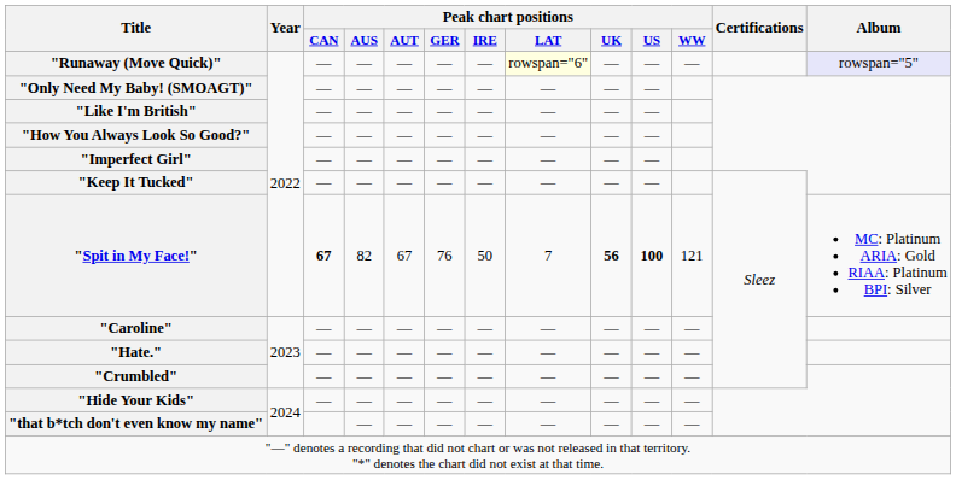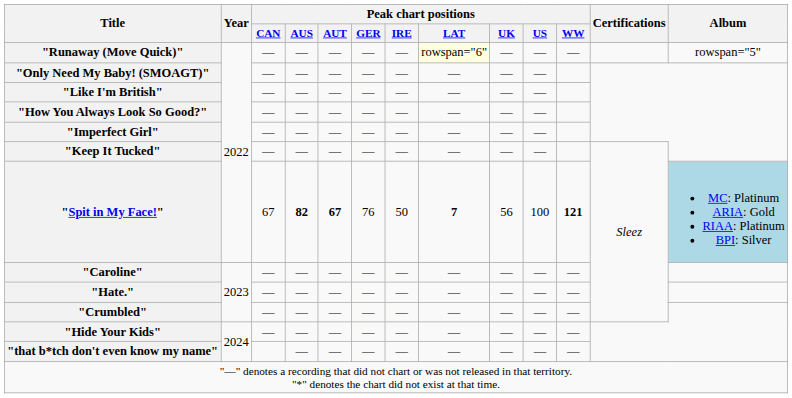 <table class="wikitable plainrowheaders" style="text-align:center">
 <tr>
 <th scope="col" rowspan="2">Title</th>
 <th scope="col" rowspan="2">Year</th>
 <th colspan="9">Peak chart positions</th>
 <th scope="col" rowspan="2">Certifications</th>
 <th scope="col" rowspan="2">Album</th>
 </tr>
 <tr>
 <th scope="col" style="width:2.5em;font-size:90%"><a href='#'>CAN</a><br></th>
 <th scope="col" style="width:2.5em;font-size:90%"><a href='#'>AUS</a><br></th>
 <th scope="col" style="width:2.5em;font-size:90%"><a href='#'>AUT</a><br></th>
 <th scope="col" style="width:2.5em;font-size:90%"><a href='#'>GER</a><br></th>
 <th scope="col" style="width:2.5em;font-size:90%"><a href='#'>IRE</a><br></th>
 <th scope="col" style="width:2.5em;font-size:90%"><a href='#'>LAT</a><br></th>
 <th scope="col" style="width:2.5em;font-size:90%"><a href='#'>UK</a><br></th>
 <th scope="col" style="width:2.5em;font-size:90%"><a href='#'>US</a><br></th>
 <th scope="col" style="width:2.5em;font-size:90%"><a href='#'>WW</a><br></th>
 </tr>
 <tr>
 <th scope="row">"Runaway (Move Quick)"</th>
 <td rowspan="7">2022</td>
 <td>—</td>
 <td>—</td>
 <td>—</td>
 <td>—</td>
 <td>—</td>
 <td style="background: lightyellow;">rowspan="6" </td>
 <td>—</td>
 <td>—</td>
 <td>—</td>
 <td></td>
-<td style="background: lavender;">rowspan="5" </td>
+<td>rowspan="5" </td>
 </tr>
 <tr>
 <th scope="row">"Only Need My Baby! (SMOAGT)"</th>
 <td>—</td>
 <td>—</td>
 <td>—</td>
 <td>—</td>
 <td>—</td>
 <td>—</td>
 <td>—</td>
 <td>—</td>
 <td></td>
 </tr>
 <tr>
 <th scope="row">"Like I'm British"<br></th>
 <td>—</td>
 <td>—</td>
 <td>—</td>
 <td>—</td>
 <td>—</td>
 <td>—</td>
 <td>—</td>
 <td>—</td>
 <td></td>
 </tr>
 <tr>
 <th scope="row">"How You Always Look So Good?"</th>
 <td>—</td>
 <td>—</td>
 <td>—</td>
 <td>—</td>
 <td>—</td>
 <td>—</td>
 <td>—</td>
 <td>—</td>
 <td></td>
 </tr>
 <tr>
 <th scope="row">"Imperfect Girl"<br></th>
 <td>—</td>
 <td>—</td>
 <td>—</td>
 <td>—</td>
 <td>—</td>
 <td>—</td>
 <td>—</td>
 <td>—</td>
 <td></td>
 </tr>
 <tr>
 <th scope="row">"Keep It Tucked"</th>
 <td>—</td>
 <td>—</td>
 <td>—</td>
 <td>—</td>
 <td>—</td>
 <td>—</td>
 <td>—</td>
 <td>—</td>
 <td></td>
 <td rowspan="5"><em>Sleez</em></td>
 </tr>
 <tr>
 <th scope="row">"<a href='#'>Spit in My Face!</a>"</th>
+<td>67</td>
+<td><strong>82</strong></td>
 <td><strong>67</strong></td>
-<td>82</td>
-<td>67</td>
 <td>76</td>
 <td>50</td>
-<td>7</td>
-<td><strong>56</strong></td>
-<td><strong>100</strong></td>
-<td>121</td>
-<td><br><ul><li><a href='#'>MC</a>: Platinum</li><li><a href='#'>ARIA</a>: Gold</li><li><a href='#'>RIAA</a>: Platinum</li><li><a href='#'>BPI</a>: Silver</li></ul></td>
+<td><strong>7</strong></td>
+<td>56</td>
+<td>100</td>
+<td><strong>121</strong></td>
+<td style="background: lightblue;"><br><ul><li><a href='#'>MC</a>: Platinum</li><li><a href='#'>ARIA</a>: Gold</li><li><a href='#'>RIAA</a>: Platinum</li><li><a href='#'>BPI</a>: Silver</li></ul></td>
 </tr>
 <tr>
 <th scope="row">"Caroline"</th>
 <td rowspan="3">2023</td>
 <td>—</td>
 <td>—</td>
 <td>—</td>
 <td>—</td>
 <td>—</td>
 <td>—</td>
 <td>—</td>
 <td>—</td>
 <td>—</td>
 <td></td>
 </tr>
 <tr>
 <th scope="row">"Hate."</th>
 <td>—</td>
 <td>—</td>
 <td>—</td>
 <td>—</td>
 <td>—</td>
 <td>—</td>
 <td>—</td>
 <td>—</td>
 <td>—</td>
 <td></td>
 </tr>
 <tr>
 <th scope="row">"Crumbled"</th>
 <td>—</td>
 <td>—</td>
 <td>—</td>
 <td>—</td>
 <td>—</td>
 <td>—</td>
 <td>—</td>
 <td>—</td>
 <td>—</td>
 </tr>
 <tr>
 <th scope="row">"Hide Your Kids"</th>
 <td rowspan="2">2024</td>
 <td>—</td>
 <td>—</td>
 <td>—</td>
 <td>—</td>
 <td>—</td>
 <td>—</td>
 <td>—</td>
 <td>—</td>
 <td>—</td>
 </tr>
 <tr>
 <th scope="row">"that b*tch don't even know my name"</th>
 <td></td>
 <td>—</td>
 <td>—</td>
 <td>—</td>
 <td>—</td>
 <td>—</td>
 <td>—</td>
 <td>—</td>
 <td>—</td>
 </tr>
 <tr>
 <td colspan="13" style="font-size:90%">"—" denotes a recording that did not chart or was not released in that territory.<br>"*" denotes the chart did not exist at that time.</td>
 </tr>
 </table>
